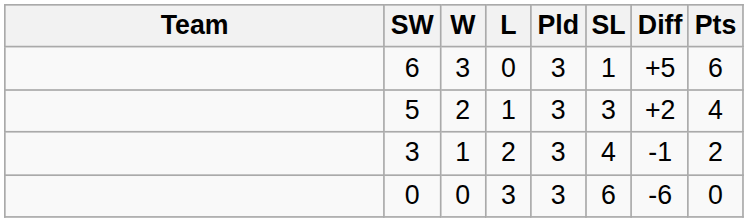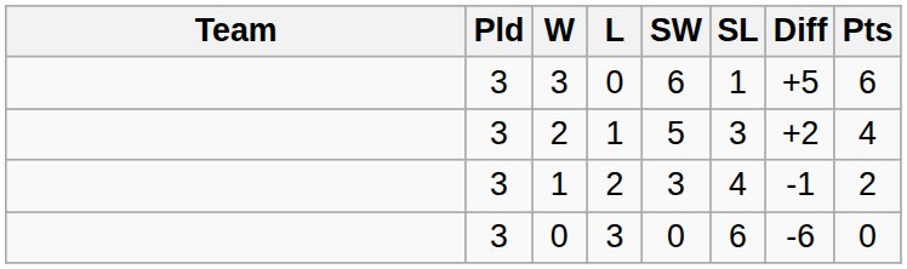 <table class=wikitable style="text-align:center">
 <tr>
 <th width=220>Team</th>
-<th width=20>SW</th>
+<th width=20>Pld</th>
 <th width=20>W</th>
 <th width=20>L</th>
-<th width=20>Pld</th>
+<th width=20>SW</th>
 <th width=20>SL</th>
 <th width=20>Diff</th>
 <th width=20>Pts</th>
 </tr>
 <tr>
 <td align=left></td>
-<td>6</td>
+<td>3</td>
 <td>3</td>
 <td>0</td>
-<td>3</td>
+<td>6</td>
 <td>1</td>
 <td>+5</td>
 <td>6</td>
 </tr>
 <tr>
 <td align=left></td>
-<td>5</td>
+<td>3</td>
 <td>2</td>
 <td>1</td>
-<td>3</td>
+<td>5</td>
 <td>3</td>
 <td>+2</td>
 <td>4</td>
 </tr>
 <tr>
 <td align=left></td>
 <td>3</td>
 <td>1</td>
 <td>2</td>
 <td>3</td>
 <td>4</td>
 <td>-1</td>
 <td>2</td>
 </tr>
 <tr>
 <td align=left></td>
-<td>0</td>
+<td>3</td>
 <td>0</td>
 <td>3</td>
-<td>3</td>
+<td>0</td>
 <td>6</td>
 <td>-6</td>
 <td>0</td>
 </tr>
 </table>
